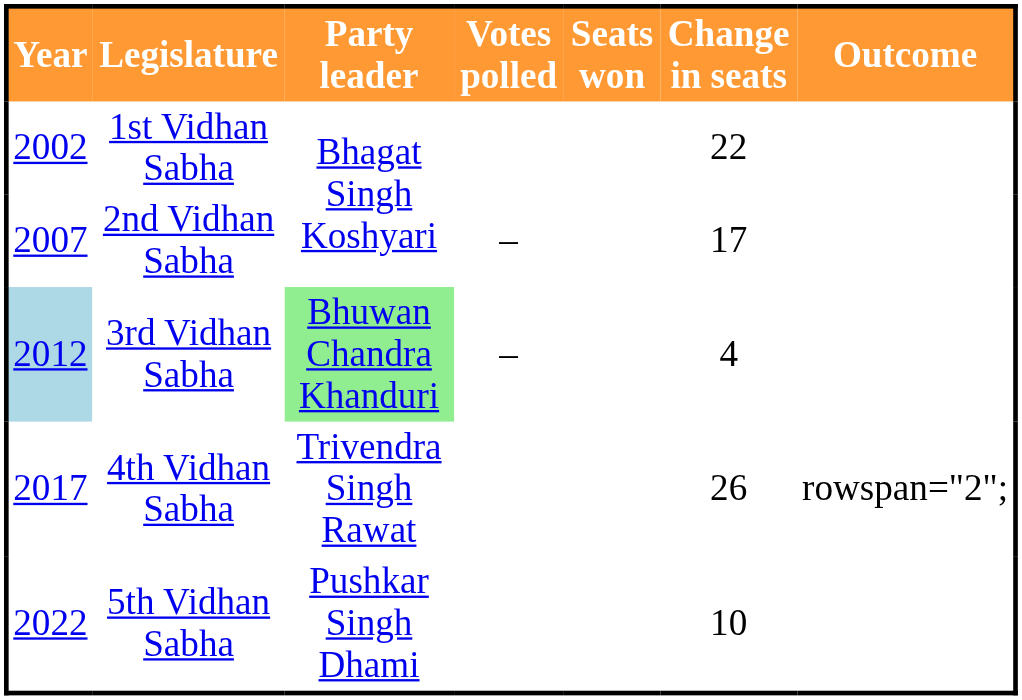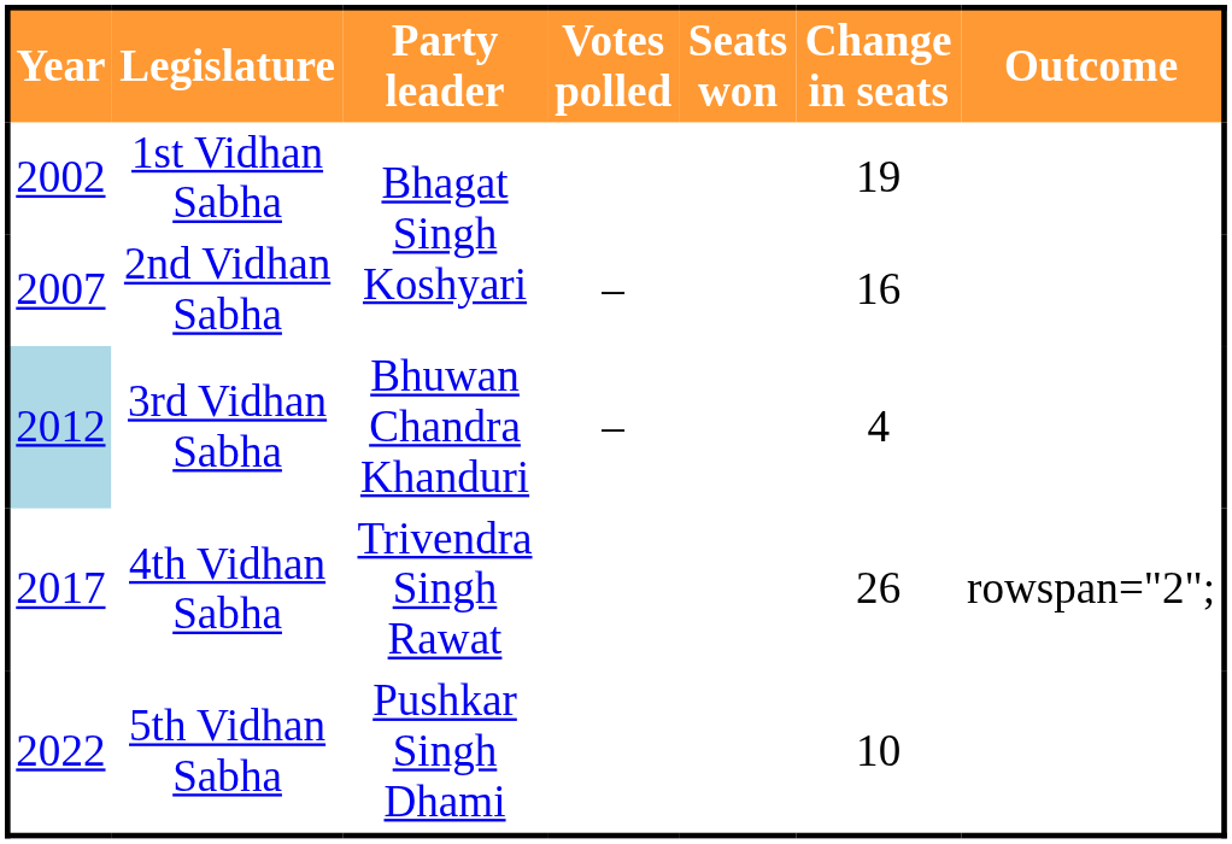 <table class="sortable" cellspacing="0" cellpadding="2" style="border-collapse: collapse; border: 2px #000000 solid; font-size: x-big; width:70%; border:1">
 <tr style="background-color:#FF9933; color:white">
 <th>Year</th>
 <th>Legislature</th>
 <th>Party leader</th>
 <th>Votes polled</th>
 <th>Seats won</th>
 <th>Change in seats</th>
 <th>Outcome</th>
 </tr>
 <tr style="text-align:center;">
 <td><a href='#'>2002</a></td>
 <td><a href='#'>1st Vidhan Sabha</a></td>
 <td rowspan="2"><a href='#'>Bhagat Singh Koshyari</a></td>
 <td></td>
 <td></td>
-<td> 22</td>
+<td> 19</td>
 <td></td>
 </tr>
 <tr style="text-align:center;">
 <td><a href='#'>2007</a></td>
 <td><a href='#'>2nd Vidhan Sabha</a></td>
 <td>–</td>
 <td></td>
-<td> 17</td>
+<td> 16</td>
 <td></td>
 </tr>
 <tr style="text-align:center;">
 <td style="background: lightblue;"><a href='#'>2012</a></td>
 <td><a href='#'>3rd Vidhan Sabha</a></td>
-<td style="background: lightgreen;"><a href='#'>Bhuwan Chandra Khanduri</a></td>
+<td><a href='#'>Bhuwan Chandra Khanduri</a></td>
 <td>–</td>
 <td></td>
 <td> 4</td>
 <td></td>
 </tr>
 <tr style="text-align:center;">
 <td><a href='#'>2017</a></td>
 <td><a href='#'>4th Vidhan Sabha</a></td>
 <td><a href='#'>Trivendra Singh Rawat</a></td>
 <td></td>
 <td></td>
 <td> 26</td>
 <td>rowspan="2"; </td>
 </tr>
 <tr style="text-align:center;">
 <td><a href='#'>2022</a></td>
 <td><a href='#'>5th Vidhan Sabha</a></td>
 <td><a href='#'>Pushkar Singh Dhami</a></td>
 <td></td>
 <td></td>
 <td> 10</td>
 </tr>
 </table>
